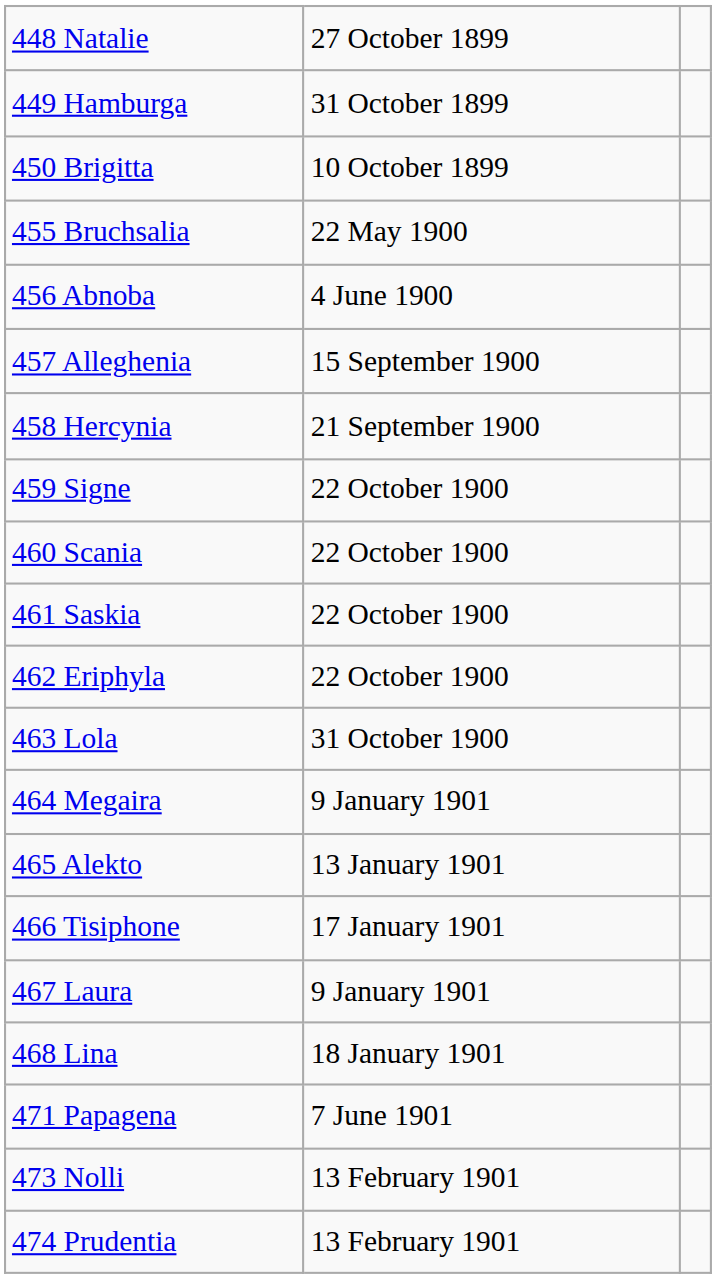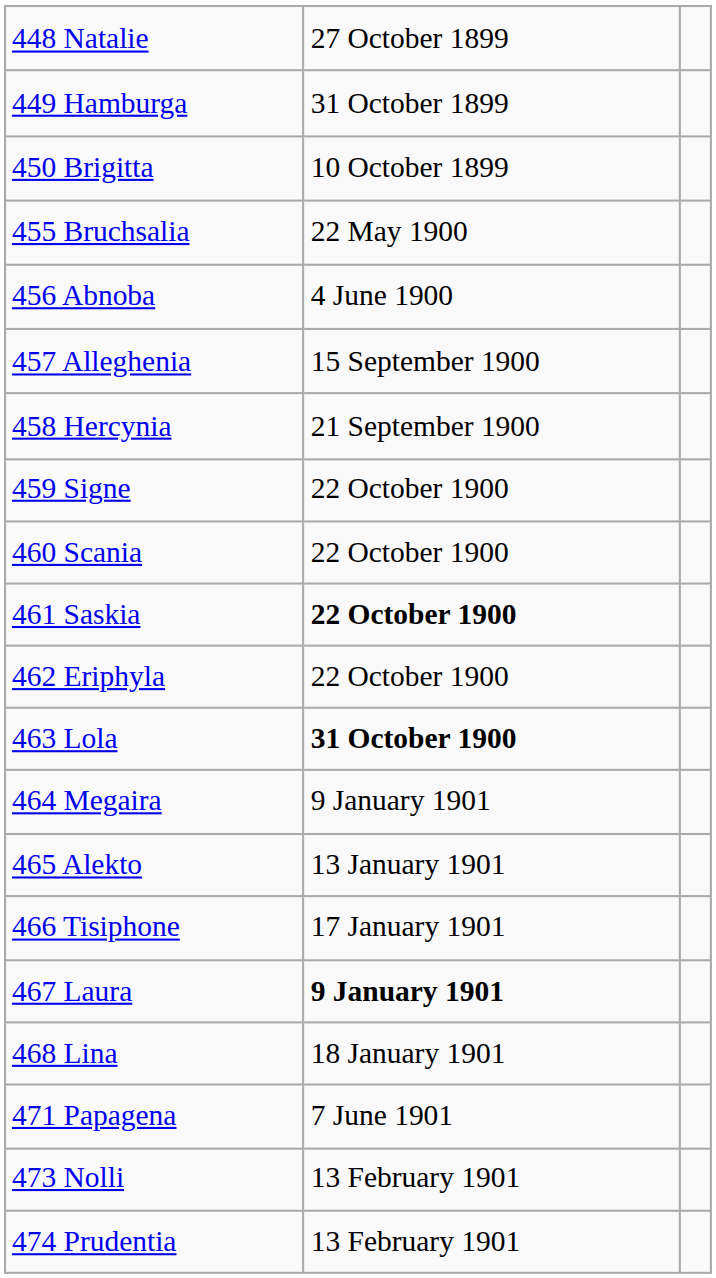 <table class="wikitable" style="font-size: 89%; float: left; width: 24em; margin-right: 1em; line-height: 1.65em !important; height: 540px;">
 <tr>
 <td><a href='#'>448 Natalie</a></td>
 <td>27 October 1899</td>
 <td><small></small> </td>
 </tr>
 <tr>
 <td><a href='#'>449 Hamburga</a></td>
 <td>31 October 1899</td>
 <td><small></small> </td>
 </tr>
 <tr>
 <td><a href='#'>450 Brigitta</a></td>
 <td>10 October 1899</td>
 <td><small></small> </td>
 </tr>
 <tr>
 <td><a href='#'>455 Bruchsalia</a></td>
 <td>22 May 1900</td>
 <td><small></small> </td>
 </tr>
 <tr>
 <td><a href='#'>456 Abnoba</a></td>
 <td>4 June 1900</td>
 <td><small></small> </td>
 </tr>
 <tr>
 <td><a href='#'>457 Alleghenia</a></td>
 <td>15 September 1900</td>
 <td><small></small> </td>
 </tr>
 <tr>
 <td><a href='#'>458 Hercynia</a></td>
 <td>21 September 1900</td>
 <td><small></small> </td>
 </tr>
 <tr>
 <td><a href='#'>459 Signe</a></td>
 <td>22 October 1900</td>
 <td><small></small></td>
 </tr>
 <tr>
 <td><a href='#'>460 Scania</a></td>
 <td>22 October 1900</td>
 <td><small></small></td>
 </tr>
 <tr>
 <td><a href='#'>461 Saskia</a></td>
-<td>22 October 1900</td>
+<td><strong>22 October 1900</strong></td>
 <td><small></small></td>
 </tr>
 <tr>
 <td><a href='#'>462 Eriphyla</a></td>
 <td>22 October 1900</td>
 <td><small></small></td>
 </tr>
 <tr>
 <td><a href='#'>463 Lola</a></td>
-<td>31 October 1900</td>
+<td><strong>31 October 1900</strong></td>
 <td><small></small></td>
 </tr>
 <tr>
 <td><a href='#'>464 Megaira</a></td>
 <td>9 January 1901</td>
 <td><small></small></td>
 </tr>
 <tr>
 <td><a href='#'>465 Alekto</a></td>
 <td>13 January 1901</td>
 <td><small></small></td>
 </tr>
 <tr>
 <td><a href='#'>466 Tisiphone</a></td>
 <td>17 January 1901</td>
 <td><small></small> </td>
 </tr>
 <tr>
 <td><a href='#'>467 Laura</a></td>
-<td>9 January 1901</td>
+<td><strong>9 January 1901</strong></td>
 <td><small></small></td>
 </tr>
 <tr>
 <td><a href='#'>468 Lina</a></td>
 <td>18 January 1901</td>
 <td><small></small></td>
 </tr>
 <tr>
 <td><a href='#'>471 Papagena</a></td>
 <td>7 June 1901</td>
 <td><small></small></td>
 </tr>
 <tr>
 <td><a href='#'>473 Nolli</a></td>
 <td>13 February 1901</td>
 <td><small></small></td>
 </tr>
 <tr>
 <td><a href='#'>474 Prudentia</a></td>
 <td>13 February 1901</td>
 <td><small></small></td>
 </tr>
 </table>
